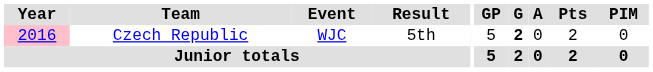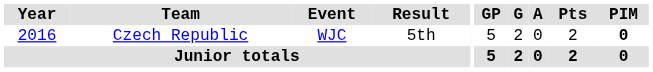 <table border="0" cellpadding="1" cellspacing="0" ID="Table3" style="text-align:center; width:40em">
 <tr ALIGN="center" bgcolor="#e0e0e0">
 <th>Year</th>
 <th>Team</th>
 <th>Event</th>
 <th>Result</th>
 <th rowspan="99" bgcolor="#ffffff"></th>
 <th>GP</th>
 <th>G</th>
 <th>A</th>
 <th>Pts</th>
 <th>PIM</th>
 </tr>
 <tr>
-<td style="background: pink;"><a href='#'>2016</a></td>
+<td><a href='#'>2016</a></td>
 <td><a href='#'>Czech Republic</a></td>
 <td><a href='#'>WJC</a></td>
 <td>5th</td>
 <td>5</td>
-<td><strong>2</strong></td>
+<td>2</td>
 <td>0</td>
 <td>2</td>
-<td>0</td>
+<td><strong>0</strong></td>
 </tr>
 <tr bgcolor="#e0e0e0">
 <th colspan="4">Junior totals</th>
 <th>5</th>
 <th>2</th>
 <th>0</th>
 <th>2</th>
 <th>0</th>
 </tr>
 </table>
